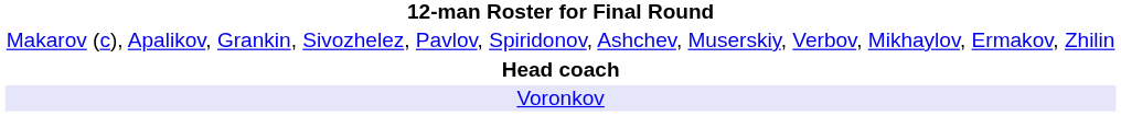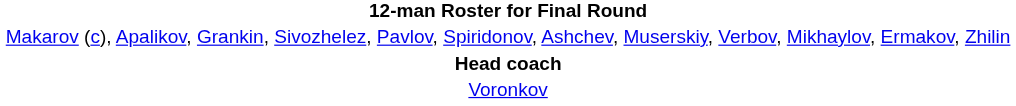 <table style="text-align: center; margin-top: 2em; margin-left: auto; margin-right: auto">
 <tr>
 <td><strong>12-man Roster for Final Round</strong></td>
 </tr>
 <tr>
 <td><a href='#'>Makarov</a> (<a href='#'>c</a>), <a href='#'>Apalikov</a>, <a href='#'>Grankin</a>, <a href='#'>Sivozhelez</a>, <a href='#'>Pavlov</a>, <a href='#'>Spiridonov</a>, <a href='#'>Ashchev</a>, <a href='#'>Muserskiy</a>, <a href='#'>Verbov</a>, <a href='#'>Mikhaylov</a>, <a href='#'>Ermakov</a>, <a href='#'>Zhilin</a></td>
 </tr>
 <tr>
 <td><strong>Head coach</strong></td>
 </tr>
 <tr>
-<td style="background: lavender;"><a href='#'>Voronkov</a></td>
+<td><a href='#'>Voronkov</a></td>
 </tr>
 </table>
